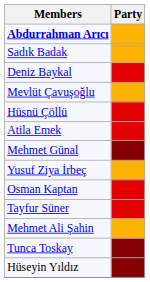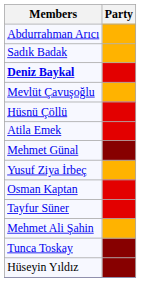 <table class=wikitable style="border:1px solid #8888aa; background-color:#f7f8ff; padding:0px; font-size:90%;">
 <tr>
 <th>Members</th>
 <th colspan="2">Party</th>
 </tr>
 <tr>
-<td><strong><a href='#'>Abdurrahman Arıcı</a></strong></td>
+<td><a href='#'>Abdurrahman Arıcı</a></td>
 <td style="background: #ffb300"></td>
 </tr>
 <tr>
 <td><a href='#'>Sadık Badak</a></td>
 <td style="background: #ffb300"></td>
 </tr>
 <tr>
-<td><a href='#'>Deniz Baykal</a></td>
+<td><strong><a href='#'>Deniz Baykal</a></strong></td>
 <td style="background: #e30000"></td>
 </tr>
 <tr>
 <td><a href='#'>Mevlüt Çavuşoğlu</a></td>
 <td style="background: #ffb300"></td>
 </tr>
 <tr>
 <td><a href='#'>Hüsnü Çöllü</a></td>
 <td style="background: #e30000"></td>
 </tr>
 <tr>
 <td><a href='#'>Atila Emek</a></td>
 <td style="background: #e30000"></td>
 </tr>
 <tr>
 <td><a href='#'>Mehmet Günal</a></td>
 <td style="background: #870000"></td>
 </tr>
 <tr>
 <td><a href='#'>Yusuf Ziya İrbeç</a></td>
 <td style="background: #ffb300"></td>
 </tr>
 <tr>
 <td><a href='#'>Osman Kaptan</a></td>
 <td style="background: #e30000"></td>
 </tr>
 <tr>
 <td><a href='#'>Tayfur Süner</a></td>
 <td style="background: #e30000"></td>
 </tr>
 <tr>
 <td><a href='#'>Mehmet Ali Şahin</a></td>
 <td style="background: #ffb300"></td>
 </tr>
 <tr>
 <td><a href='#'>Tunca Toskay</a></td>
 <td style="background: #870000"></td>
 </tr>
 <tr>
 <td>Hüseyin Yıldız</td>
 <td style="background: #870000"></td>
 </tr>
 <tr>
 </tr>
 </table>
